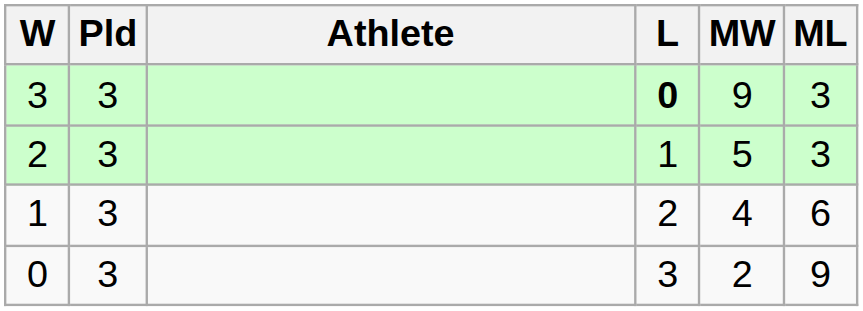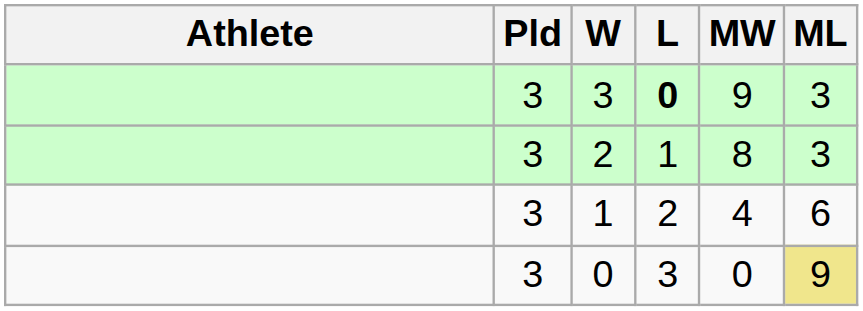 <table class="wikitable" style="text-align:center">
 <tr>
+<th width=200>Athlete</th>
+<th width=20>Pld</th>
 <th width=20>W</th>
-<th width=20>Pld</th>
-<th width=200>Athlete</th>
 <th width=20>L</th>
 <th width=20>MW</th>
 <th width=20>ML</th>
 </tr>
 <tr bgcolor="ccffcc">
+<td style="text-align:left"></td>
 <td>3</td>
 <td>3</td>
-<td style="text-align:left"></td>
 <td><strong>0</strong></td>
 <td>9</td>
 <td>3</td>
 </tr>
 <tr bgcolor="ccffcc">
+<td style="text-align:left"></td>
+<td>3</td>
 <td>2</td>
-<td>3</td>
-<td style="text-align:left"></td>
 <td>1</td>
-<td>5</td>
+<td>8</td>
 <td>3</td>
 </tr>
 <tr>
+<td style="text-align:left"></td>
+<td>3</td>
 <td>1</td>
-<td>3</td>
-<td style="text-align:left"></td>
 <td>2</td>
 <td>4</td>
 <td>6</td>
 </tr>
 <tr>
+<td style="text-align:left"></td>
+<td>3</td>
 <td>0</td>
 <td>3</td>
-<td style="text-align:left"></td>
-<td>3</td>
-<td>2</td>
-<td>9</td>
+<td>0</td>
+<td style="background: khaki;">9</td>
 </tr>
 </table>
